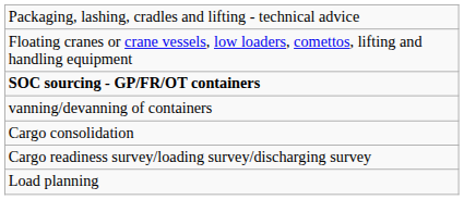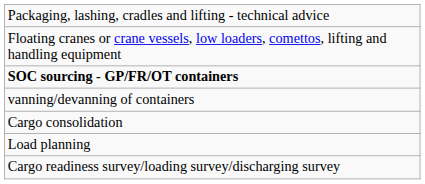 <table class="wikitable">
 <tr>
 <td width="460pt">Packaging, lashing, cradles and lifting - technical advice</td>
 </tr>
 <tr>
 <td>Floating cranes or <a href='#'>crane vessels</a>, <a href='#'>low loaders</a>, <a href='#'>comettos</a>, lifting and handling equipment</td>
 </tr>
 <tr>
 <td><strong>SOC sourcing - GP/FR/OT containers</strong></td>
 </tr>
 <tr>
 <td>vanning/devanning of containers</td>
 </tr>
 <tr>
 <td>Cargo consolidation</td>
 </tr>
 <tr>
+<td>Load planning</td>
+</tr>
+<tr>
 <td>Cargo readiness survey/loading survey/discharging survey</td>
 </tr>
-<tr>
-<td>Load planning</td>
-</tr>
 </table>
